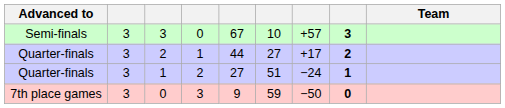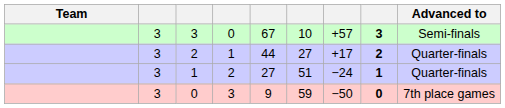 <table class="wikitable" style="text-align:center;">
 <tr>
-<th width=125>Advanced to</th>
+<th width=165>Team</th>
 <th width=40></th>
 <th width=40></th>
 <th width=40></th>
 <th width=40></th>
 <th width=40></th>
 <th width=40></th>
 <th width=40></th>
-<th width=165>Team</th>
+<th width=125>Advanced to</th>
 </tr>
 <tr style="background:#cfc">
-<td>Semi-finals</td>
+<td align=left></td>
 <td>3</td>
 <td>3</td>
 <td>0</td>
 <td>67</td>
 <td>10</td>
 <td>+57</td>
 <td><strong>3</strong></td>
-<td align=left></td>
+<td>Semi-finals</td>
 </tr>
 <tr style="background:#ccf">
-<td>Quarter-finals</td>
+<td align=left></td>
 <td>3</td>
 <td>2</td>
 <td>1</td>
 <td>44</td>
 <td>27</td>
 <td>+17</td>
 <td><strong>2</strong></td>
-<td align=left></td>
+<td>Quarter-finals</td>
 </tr>
 <tr style="background:#ccf">
-<td>Quarter-finals</td>
+<td align=left></td>
 <td>3</td>
 <td>1</td>
 <td>2</td>
 <td>27</td>
 <td>51</td>
 <td>−24</td>
 <td><strong>1</strong></td>
-<td align=left></td>
+<td>Quarter-finals</td>
 </tr>
 <tr style="background:#fcc">
-<td>7th place games</td>
+<td align=left></td>
 <td>3</td>
 <td>0</td>
 <td>3</td>
 <td>9</td>
 <td>59</td>
 <td>−50</td>
 <td><strong>0</strong></td>
-<td align=left></td>
+<td>7th place games</td>
 </tr>
 </table>
